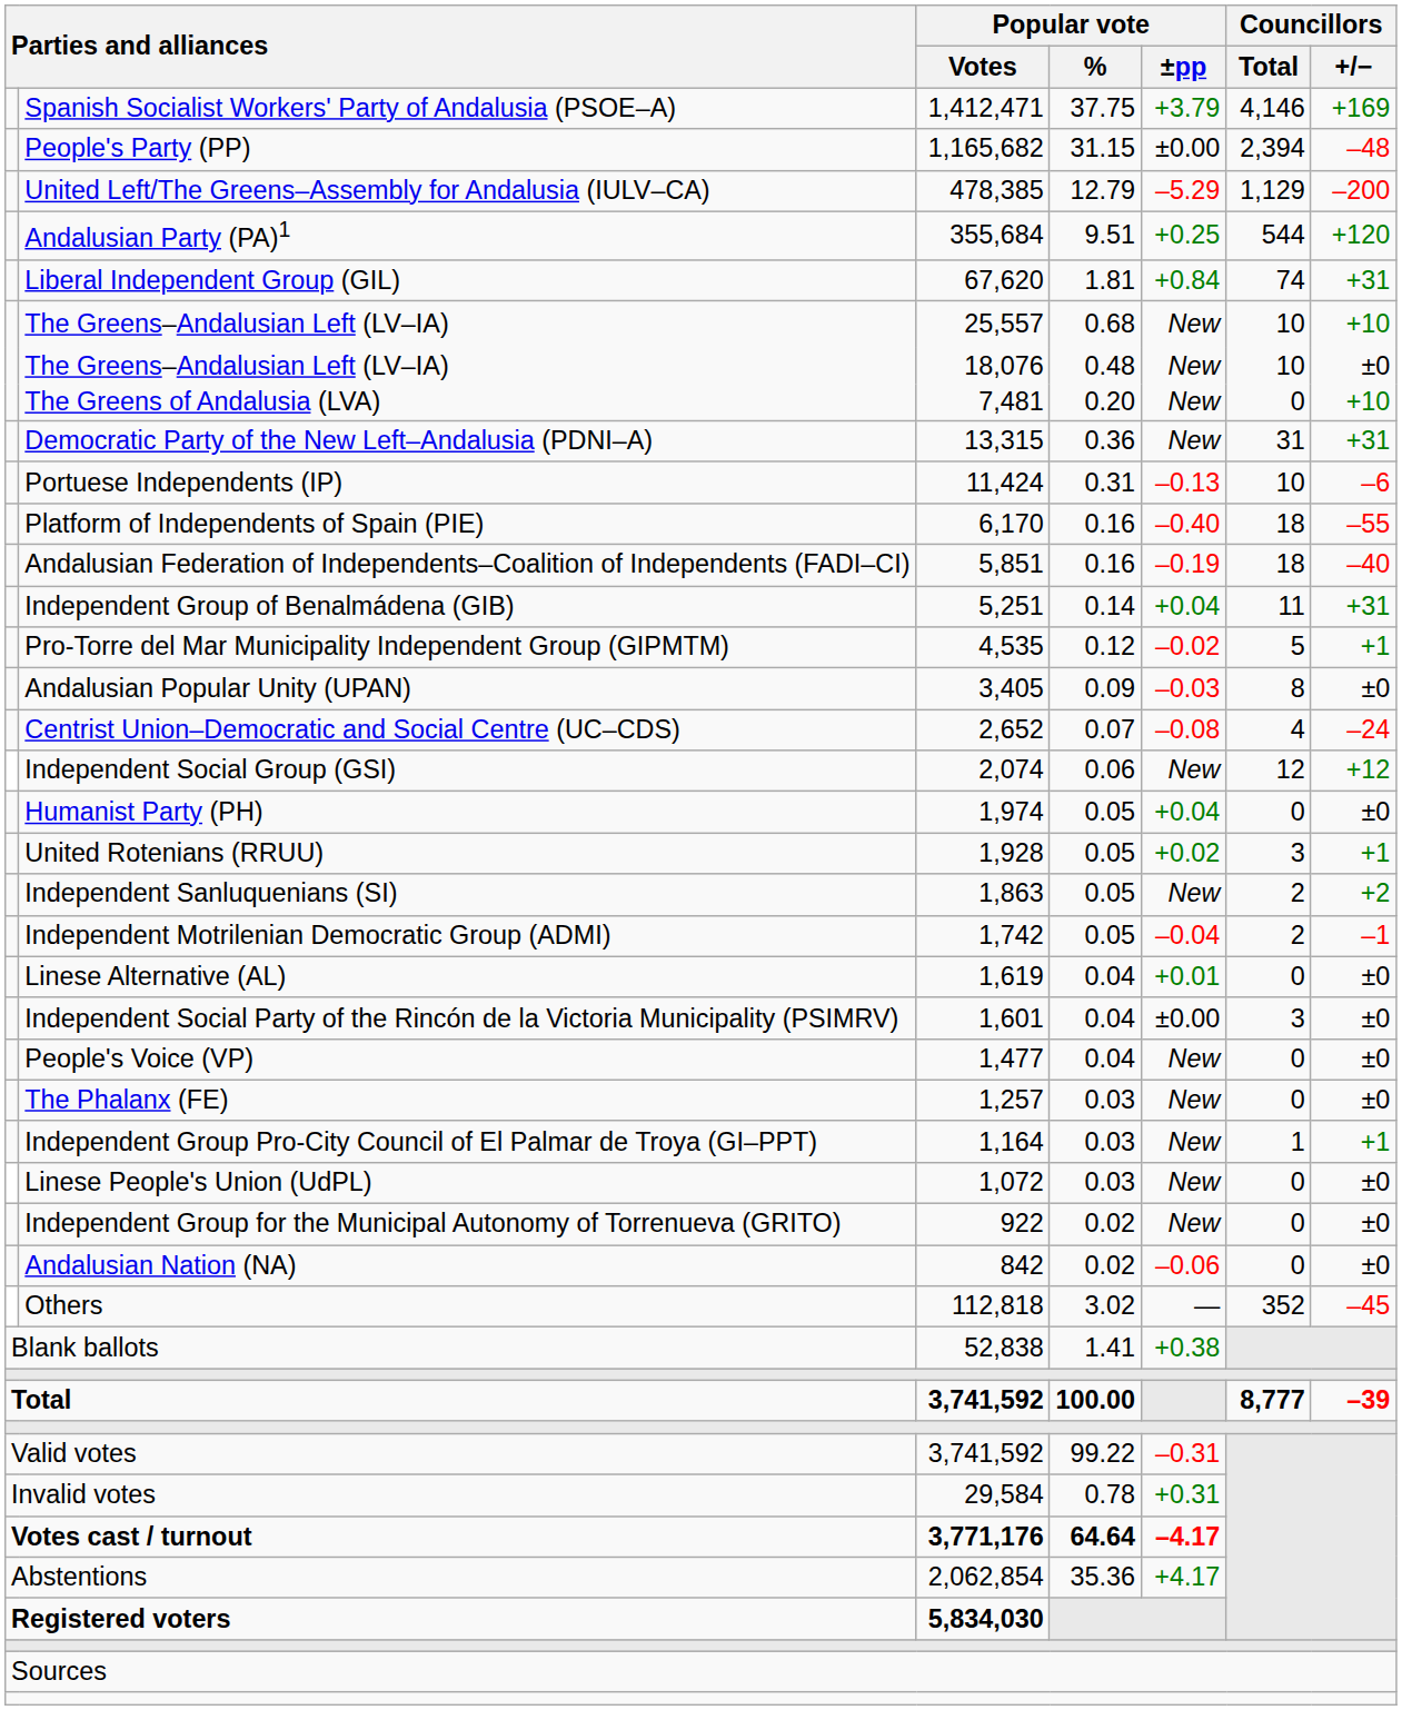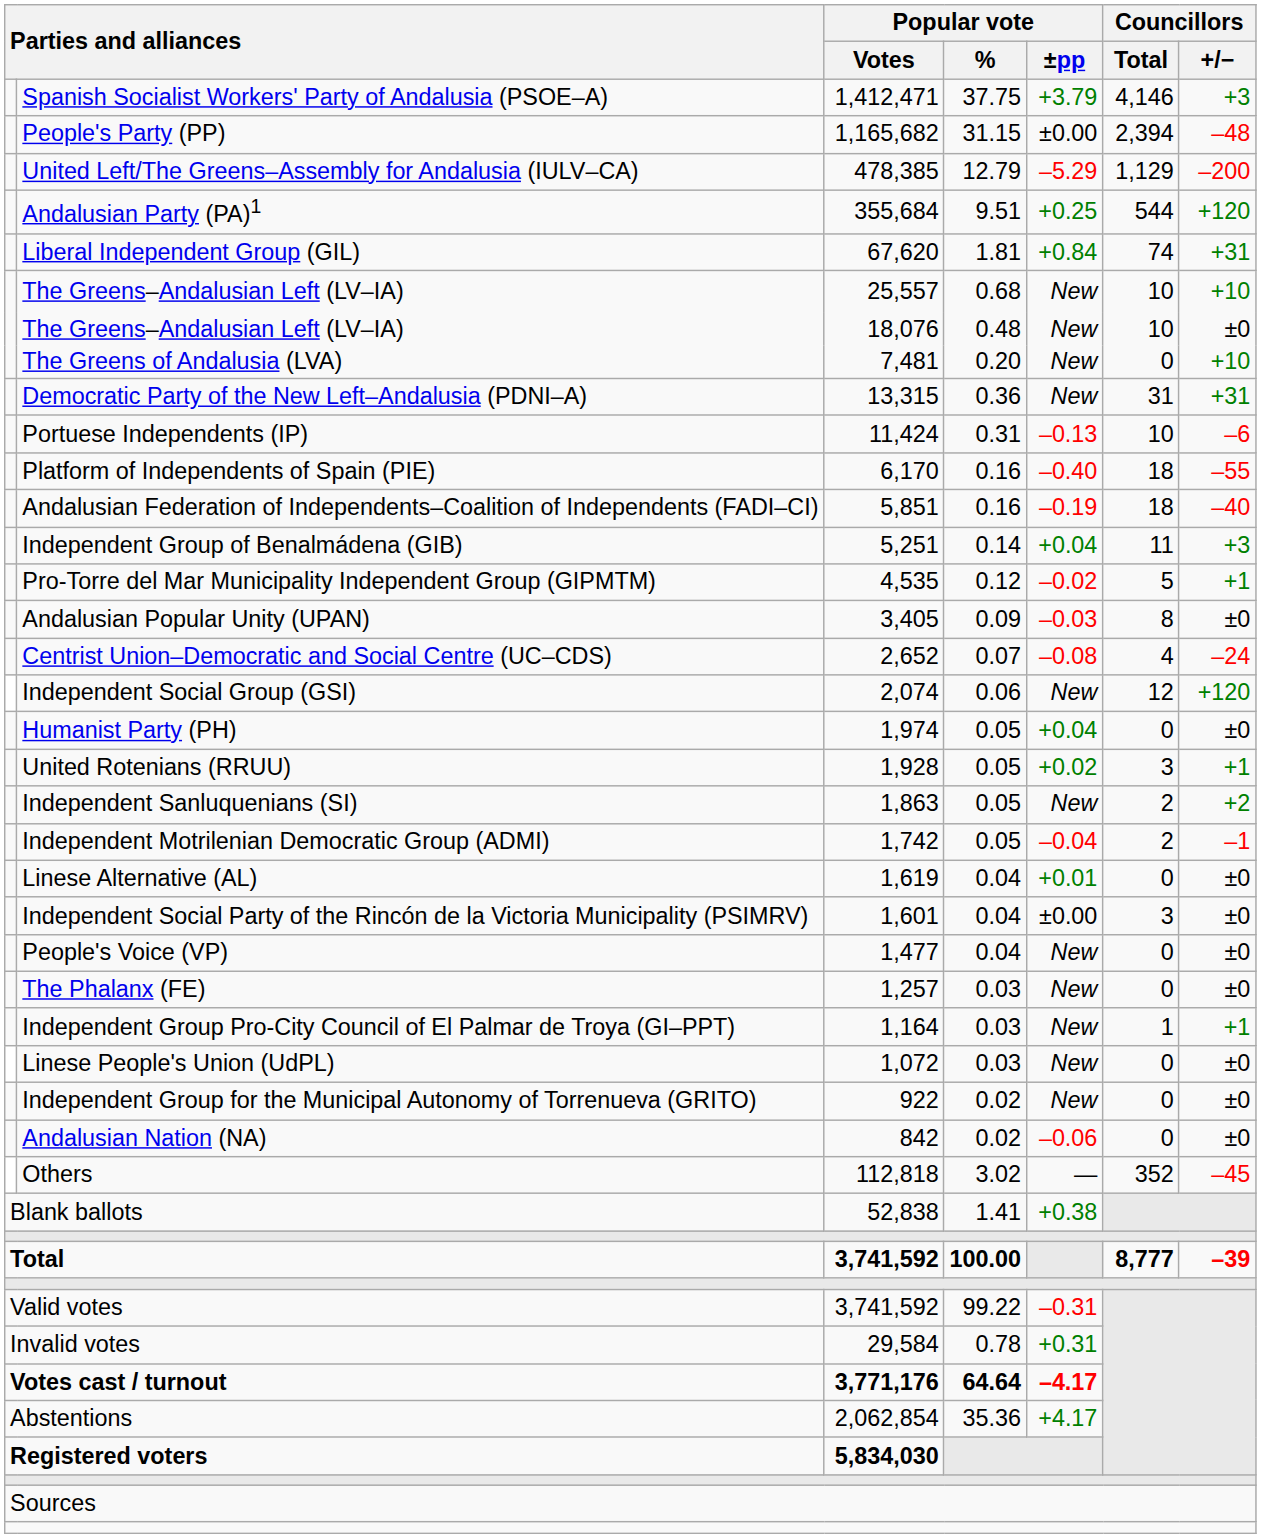 <table class="wikitable" style="text-align:right;">
 <tr>
 <th style="text-align:left;" rowspan="2" colspan="2" width="525">Parties and alliances</th>
 <th colspan="3">Popular vote</th>
 <th colspan="2">Councillors</th>
 </tr>
 <tr>
 <th width="75">Votes</th>
 <th width="45">%</th>
 <th width="45">±<a href='#'>pp</a></th>
 <th width="45">Total</th>
 <th width="45">+/−</th>
 </tr>
 <tr>
 <td width="1" style="color:inherit;background:"></td>
 <td align="left"><a href='#'>Spanish Socialist Workers' Party of Andalusia</a> (PSOE–A)</td>
 <td>1,412,471</td>
 <td>37.75</td>
 <td style="color:green;">+3.79</td>
 <td>4,146</td>
-<td style="color:green;">+169</td>
+<td style="color:green;">+3</td>
 </tr>
 <tr>
 <td style="color:inherit;background:"></td>
 <td align="left"><a href='#'>People's Party</a> (PP)</td>
 <td>1,165,682</td>
 <td>31.15</td>
 <td>±0.00</td>
 <td>2,394</td>
 <td style="color:red;">–48</td>
 </tr>
 <tr>
 <td style="color:inherit;background:"></td>
 <td align="left"><a href='#'>United Left/The Greens–Assembly for Andalusia</a> (IULV–CA)</td>
 <td>478,385</td>
 <td>12.79</td>
 <td style="color:red;">–5.29</td>
 <td>1,129</td>
 <td style="color:red;">–200</td>
 </tr>
 <tr>
 <td style="color:inherit;background:"></td>
 <td align="left"><a href='#'>Andalusian Party</a> (PA)<sup>1</sup></td>
 <td>355,684</td>
 <td>9.51</td>
 <td style="color:green;">+0.25</td>
 <td>544</td>
 <td style="color:green;">+120</td>
 </tr>
 <tr>
 <td style="color:inherit;background:"></td>
 <td align="left"><a href='#'>Liberal Independent Group</a> (GIL)</td>
 <td>67,620</td>
 <td>1.81</td>
 <td style="color:green;">+0.84</td>
 <td>74</td>
 <td style="color:green;">+31</td>
 </tr>
 <tr style="line-height:22px;">
 <td rowspan="3" style="color:inherit;background:"></td>
 <td align="left"><a href='#'>The Greens</a>–<a href='#'>Andalusian Left</a> (LV–IA)</td>
 <td>25,557</td>
 <td>0.68</td>
 <td><em>New</em></td>
 <td>10</td>
 <td style="color:green;">+10</td>
 </tr>
 <tr style="border-bottom-style:hidden; border-top-style:hidden; line-height:16px;">
 <td align="left"><span><a href='#'>The Greens</a>–<a href='#'>Andalusian Left</a> (LV–IA)</span></td>
 <td>18,076</td>
 <td>0.48</td>
 <td><em>New</em></td>
 <td>10</td>
 <td>±0</td>
 </tr>
 <tr style="line-height:16px;">
 <td align="left"><span><a href='#'>The Greens of Andalusia</a> (LVA)</span></td>
 <td>7,481</td>
 <td>0.20</td>
 <td><em>New</em></td>
 <td>0</td>
 <td style="color:green;">+10</td>
 </tr>
 <tr>
 <td style="color:inherit;background:"></td>
 <td align="left"><a href='#'>Democratic Party of the New Left–Andalusia</a> (PDNI–A)</td>
 <td>13,315</td>
 <td>0.36</td>
 <td><em>New</em></td>
 <td>31</td>
 <td style="color:green;">+31</td>
 </tr>
 <tr>
 <td style="color:inherit;background:"></td>
 <td align="left">Portuese Independents (IP)</td>
 <td>11,424</td>
 <td>0.31</td>
 <td style="color:red;">–0.13</td>
 <td>10</td>
 <td style="color:red;">–6</td>
 </tr>
 <tr>
 <td style="color:inherit;background:"></td>
 <td align="left">Platform of Independents of Spain (PIE)</td>
 <td>6,170</td>
 <td>0.16</td>
 <td style="color:red;">–0.40</td>
 <td>18</td>
 <td style="color:red;">–55</td>
 </tr>
 <tr>
 <td style="color:inherit;background:"></td>
 <td align="left">Andalusian Federation of Independents–Coalition of Independents (FADI–CI)</td>
 <td>5,851</td>
 <td>0.16</td>
 <td style="color:red;">–0.19</td>
 <td>18</td>
 <td style="color:red;">–40</td>
 </tr>
 <tr>
 <td style="color:inherit;background:"></td>
 <td align="left">Independent Group of Benalmádena (GIB)</td>
 <td>5,251</td>
 <td>0.14</td>
 <td style="color:green;">+0.04</td>
 <td>11</td>
-<td style="color:green;">+31</td>
+<td style="color:green;">+3</td>
 </tr>
 <tr>
 <td style="color:inherit;background:"></td>
 <td align="left">Pro-Torre del Mar Municipality Independent Group (GIPMTM)</td>
 <td>4,535</td>
 <td>0.12</td>
 <td style="color:red;">–0.02</td>
 <td>5</td>
 <td style="color:green;">+1</td>
 </tr>
 <tr>
 <td style="color:inherit;background:"></td>
 <td align="left">Andalusian Popular Unity (UPAN)</td>
 <td>3,405</td>
 <td>0.09</td>
 <td style="color:red;">–0.03</td>
 <td>8</td>
 <td>±0</td>
 </tr>
 <tr>
 <td style="color:inherit;background:"></td>
 <td align="left"><a href='#'>Centrist Union–Democratic and Social Centre</a> (UC–CDS)</td>
 <td>2,652</td>
 <td>0.07</td>
 <td style="color:red;">–0.08</td>
 <td>4</td>
 <td style="color:red;">–24</td>
 </tr>
 <tr>
 <td bgcolor="white"></td>
 <td align="left">Independent Social Group (GSI)</td>
 <td>2,074</td>
 <td>0.06</td>
 <td><em>New</em></td>
 <td>12</td>
-<td style="color:green;">+12</td>
+<td style="color:green;">+120</td>
 </tr>
 <tr>
 <td style="color:inherit;background:"></td>
 <td align="left"><a href='#'>Humanist Party</a> (PH)</td>
 <td>1,974</td>
 <td>0.05</td>
 <td style="color:green;">+0.04</td>
 <td>0</td>
 <td>±0</td>
 </tr>
 <tr>
 <td style="color:inherit;background:"></td>
 <td align="left">United Rotenians (RRUU)</td>
 <td>1,928</td>
 <td>0.05</td>
 <td style="color:green;">+0.02</td>
 <td>3</td>
 <td style="color:green;">+1</td>
 </tr>
 <tr>
 <td style="color:inherit;background:"></td>
 <td align="left">Independent Sanluquenians (SI)</td>
 <td>1,863</td>
 <td>0.05</td>
 <td><em>New</em></td>
 <td>2</td>
 <td style="color:green;">+2</td>
 </tr>
 <tr>
 <td style="color:inherit;background:"></td>
 <td align="left">Independent Motrilenian Democratic Group (ADMI)</td>
 <td>1,742</td>
 <td>0.05</td>
 <td style="color:red;">–0.04</td>
 <td>2</td>
 <td style="color:red;">–1</td>
 </tr>
 <tr>
 <td style="color:inherit;background:"></td>
 <td align="left">Linese Alternative (AL)</td>
 <td>1,619</td>
 <td>0.04</td>
 <td style="color:green;">+0.01</td>
 <td>0</td>
 <td>±0</td>
 </tr>
 <tr>
 <td style="color:inherit;background:"></td>
 <td align="left">Independent Social Party of the Rincón de la Victoria Municipality (PSIMRV)</td>
 <td>1,601</td>
 <td>0.04</td>
 <td>±0.00</td>
 <td>3</td>
 <td>±0</td>
 </tr>
 <tr>
 <td style="color:inherit;background:"></td>
 <td align="left">People's Voice (VP)</td>
 <td>1,477</td>
 <td>0.04</td>
 <td><em>New</em></td>
 <td>0</td>
 <td>±0</td>
 </tr>
 <tr>
 <td style="color:inherit;background:"></td>
 <td align="left"><a href='#'>The Phalanx</a> (FE)</td>
 <td>1,257</td>
 <td>0.03</td>
 <td><em>New</em></td>
 <td>0</td>
 <td>±0</td>
 </tr>
 <tr>
 <td style="color:inherit;background:"></td>
 <td align="left">Independent Group Pro-City Council of El Palmar de Troya (GI–PPT)</td>
 <td>1,164</td>
 <td>0.03</td>
 <td><em>New</em></td>
 <td>1</td>
 <td style="color:green;">+1</td>
 </tr>
 <tr>
 <td bgcolor="white"></td>
 <td align="left">Linese People's Union (UdPL)</td>
 <td>1,072</td>
 <td>0.03</td>
 <td><em>New</em></td>
 <td>0</td>
 <td>±0</td>
 </tr>
 <tr>
 <td style="color:inherit;background:"></td>
 <td align="left">Independent Group for the Municipal Autonomy of Torrenueva (GRITO)</td>
 <td>922</td>
 <td>0.02</td>
 <td><em>New</em></td>
 <td>0</td>
 <td>±0</td>
 </tr>
 <tr>
 <td style="color:inherit;background:"></td>
 <td align="left"><a href='#'>Andalusian Nation</a> (NA)</td>
 <td>842</td>
 <td>0.02</td>
 <td style="color:red;">–0.06</td>
 <td>0</td>
 <td>±0</td>
 </tr>
 <tr>
 <td bgcolor="white"></td>
 <td align="left">Others</td>
 <td>112,818</td>
 <td>3.02</td>
 <td>—</td>
 <td>352</td>
 <td style="color:red;">–45</td>
 </tr>
 <tr>
 <td align="left" colspan="2">Blank ballots</td>
 <td>52,838</td>
 <td>1.41</td>
 <td style="color:green;">+0.38</td>
 <td bgcolor="#E9E9E9" colspan="2"></td>
 </tr>
 <tr>
 <td colspan="7" bgcolor="#E9E9E9"></td>
 </tr>
 <tr style="font-weight:bold;">
 <td align="left" colspan="2">Total</td>
 <td>3,741,592</td>
 <td>100.00</td>
 <td bgcolor="#E9E9E9"></td>
 <td>8,777</td>
 <td style="color:red;">–39</td>
 </tr>
 <tr>
 <td colspan="7" bgcolor="#E9E9E9"></td>
 </tr>
 <tr>
 <td align="left" colspan="2">Valid votes</td>
 <td>3,741,592</td>
 <td>99.22</td>
 <td style="color:red;">–0.31</td>
 <td bgcolor="#E9E9E9" colspan="2" rowspan="5"></td>
 </tr>
 <tr>
 <td align="left" colspan="2">Invalid votes</td>
 <td>29,584</td>
 <td>0.78</td>
 <td style="color:green;">+0.31</td>
 </tr>
 <tr style="font-weight:bold;">
 <td align="left" colspan="2">Votes cast / turnout</td>
 <td>3,771,176</td>
 <td>64.64</td>
 <td style="color:red;">–4.17</td>
 </tr>
 <tr>
 <td align="left" colspan="2">Abstentions</td>
 <td>2,062,854</td>
 <td>35.36</td>
 <td style="color:green;">+4.17</td>
 </tr>
 <tr style="font-weight:bold;">
 <td align="left" colspan="2">Registered voters</td>
 <td>5,834,030</td>
 <td bgcolor="#E9E9E9" colspan="2"></td>
 </tr>
 <tr>
 <td colspan="7" bgcolor="#E9E9E9"></td>
 </tr>
 <tr>
 <td align="left" colspan="7">Sources</td>
 </tr>
 <tr>
 <td colspan="7" style="text-align:left; max-width:790px;"></td>
 </tr>
 </table>
